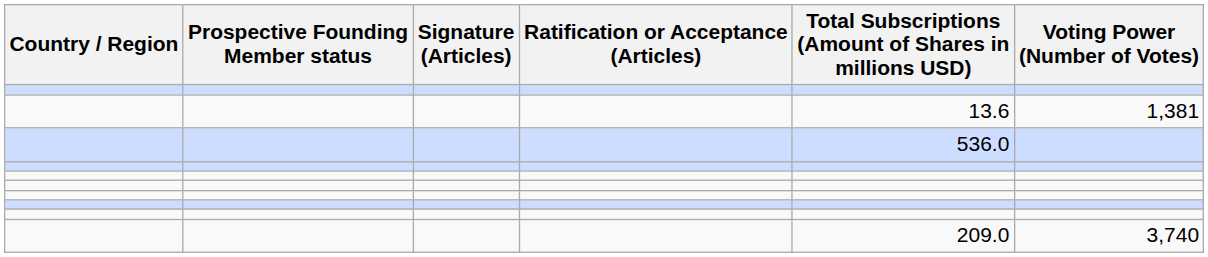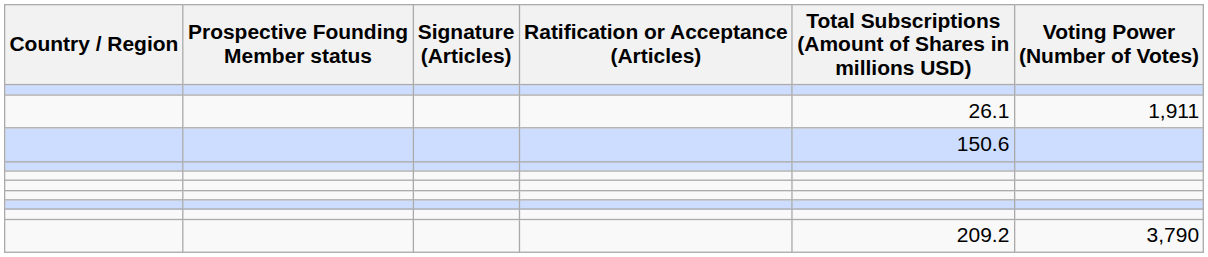 <table class="wikitable sortable mw-collapsible" style="text-align: right">
 <tr>
 <th>Country / Region</th>
 <th>Prospective Founding<br>Member status</th>
 <th>Signature<br>(Articles)</th>
 <th>Ratification or Acceptance<br>(Articles)</th>
 <th>Total Subscriptions<br>(Amount of Shares in<br> millions USD)</th>
 <th>Voting Power<br>(Number of Votes)</th>
 </tr>
 <tr style="background:#CDF">
 <td align=left></td>
 <td></td>
 <td></td>
 <td></td>
 <td></td>
 <td></td>
 </tr>
 <tr>
 <td align=left></td>
 <td></td>
 <td></td>
 <td></td>
-<td>13.6</td>
-<td>1,381</td>
+<td>26.1</td>
+<td>1,911</td>
 </tr>
 <tr style="background:#CDF">
 <td align=left></td>
 <td></td>
 <td></td>
 <td></td>
-<td>536.0</td>
+<td>150.6</td>
 <td></td>
 </tr>
 <tr style="background:#CDF">
 <td align=left></td>
 <td></td>
 <td></td>
 <td></td>
 <td></td>
 <td></td>
 </tr>
 <tr>
 <td align=left></td>
 <td></td>
 <td></td>
 <td></td>
 <td></td>
 <td></td>
 </tr>
 <tr>
 <td align=left></td>
 <td></td>
 <td></td>
 <td></td>
 <td></td>
 <td></td>
 </tr>
 <tr>
 <td align=left></td>
 <td></td>
 <td></td>
 <td></td>
 <td></td>
 <td></td>
 </tr>
 <tr style="background:#CDF">
 <td align=left></td>
 <td></td>
 <td></td>
 <td></td>
 <td></td>
 <td></td>
 </tr>
 <tr>
 <td align=left></td>
 <td></td>
 <td></td>
 <td></td>
 <td></td>
 <td></td>
 </tr>
 <tr>
 <td align=left></td>
 <td></td>
 <td></td>
 <td></td>
-<td>209.0</td>
-<td>3,740</td>
+<td>209.2</td>
+<td>3,790</td>
 </tr>
 </table>
